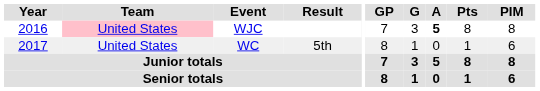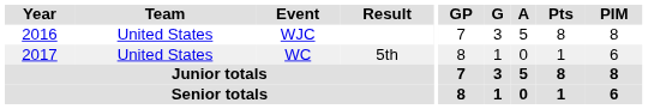 <table border="0" cellpadding="1" cellspacing="0" ID="Table3" style="text-align:center; width:40em;">
 <tr bgcolor="#e0e0e0">
 <th>Year</th>
 <th>Team</th>
 <th>Event</th>
 <th>Result</th>
 <th rowspan="99" bgcolor="#ffffff"></th>
 <th>GP</th>
 <th>G</th>
 <th>A</th>
 <th>Pts</th>
 <th>PIM</th>
 </tr>
 <tr>
 <td><a href='#'>2016</a></td>
-<td style="background: pink;"><a href='#'>United States</a></td>
+<td><a href='#'>United States</a></td>
 <td><a href='#'>WJC</a></td>
 <td></td>
 <td>7</td>
 <td>3</td>
-<td><strong>5</strong></td>
+<td>5</td>
 <td>8</td>
 <td>8</td>
 </tr>
 <tr bgcolor="#f0f0f0">
 <td><a href='#'>2017</a></td>
 <td><a href='#'>United States</a></td>
 <td><a href='#'>WC</a></td>
 <td>5th</td>
 <td>8</td>
 <td>1</td>
 <td>0</td>
 <td>1</td>
 <td>6</td>
 </tr>
 <tr bgcolor="#e0e0e0">
 <th colspan="4">Junior totals</th>
 <th>7</th>
 <th>3</th>
 <th>5</th>
 <th>8</th>
 <th>8</th>
 </tr>
 <tr bgcolor="#e0e0e0">
 <th colspan="4">Senior totals</th>
 <th>8</th>
 <th>1</th>
 <th>0</th>
 <th>1</th>
 <th>6</th>
 </tr>
 </table>
